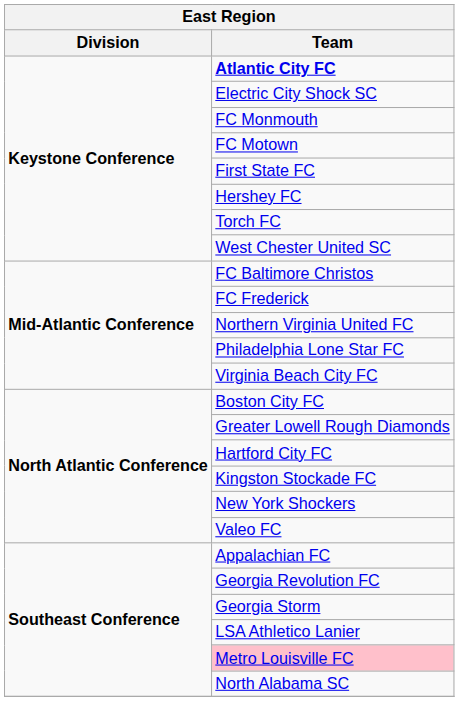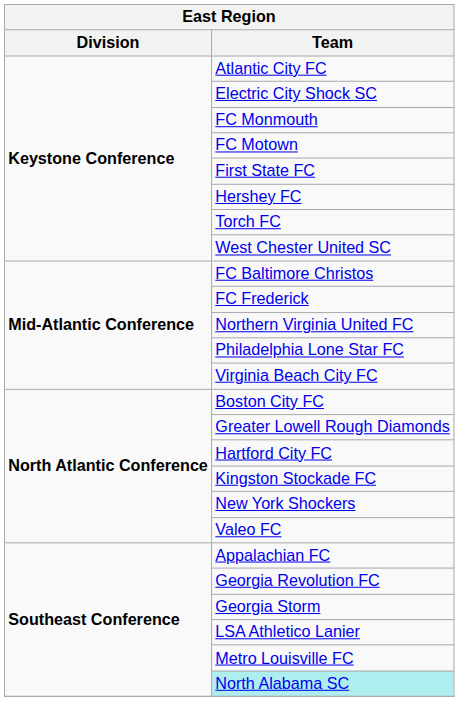 <table class="wikitable" style="text-align:left">
 <tr>
 <th colspan=3>East Region</th>
 </tr>
 <tr>
 <th>Division</th>
 <th>Team</th>
 </tr>
 <tr>
 <td rowspan=8><strong>Keystone Conference</strong></td>
-<td><strong><a href='#'>Atlantic City FC</a></strong></td>
+<td><a href='#'>Atlantic City FC</a></td>
 </tr>
 <tr>
 <td><a href='#'>Electric City Shock SC</a></td>
 </tr>
 <tr>
 <td><a href='#'>FC Monmouth</a></td>
 </tr>
 <tr>
 <td><a href='#'>FC Motown</a></td>
 </tr>
 <tr>
 <td><a href='#'>First State FC</a></td>
 </tr>
 <tr>
 <td><a href='#'>Hershey FC</a></td>
 </tr>
 <tr>
 <td><a href='#'>Torch FC</a></td>
 </tr>
 <tr>
 <td><a href='#'>West Chester United SC</a></td>
 </tr>
 <tr>
 <td rowspan=5><strong>Mid-Atlantic Conference</strong></td>
 <td><a href='#'>FC Baltimore Christos</a></td>
 </tr>
 <tr>
 <td><a href='#'>FC Frederick</a></td>
 </tr>
 <tr>
 <td><a href='#'>Northern Virginia United FC</a></td>
 </tr>
 <tr>
 <td><a href='#'>Philadelphia Lone Star FC</a></td>
 </tr>
 <tr>
 <td><a href='#'>Virginia Beach City FC</a></td>
 </tr>
 <tr>
 <td rowspan=6><strong>North Atlantic Conference</strong></td>
 <td><a href='#'>Boston City FC</a></td>
 </tr>
 <tr>
 <td><a href='#'>Greater Lowell Rough Diamonds</a></td>
 </tr>
 <tr>
 <td><a href='#'>Hartford City FC</a></td>
 </tr>
 <tr>
 <td><a href='#'>Kingston Stockade FC</a></td>
 </tr>
 <tr>
 <td><a href='#'>New York Shockers</a></td>
 </tr>
 <tr>
 <td><a href='#'>Valeo FC</a></td>
 </tr>
 <tr>
 <td rowspan=6><strong>Southeast Conference</strong></td>
 <td><a href='#'>Appalachian FC</a></td>
 </tr>
 <tr>
 <td><a href='#'>Georgia Revolution FC</a></td>
 </tr>
 <tr>
 <td><a href='#'>Georgia Storm</a></td>
 </tr>
 <tr>
 <td><a href='#'>LSA Athletico Lanier</a></td>
 </tr>
 <tr>
-<td style="background: pink;"><a href='#'>Metro Louisville FC</a></td>
+<td><a href='#'>Metro Louisville FC</a></td>
 </tr>
 <tr>
-<td><a href='#'>North Alabama SC</a></td>
+<td style="background: paleturquoise;"><a href='#'>North Alabama SC</a></td>
 </tr>
 <tr>
 </tr>
 </table>
